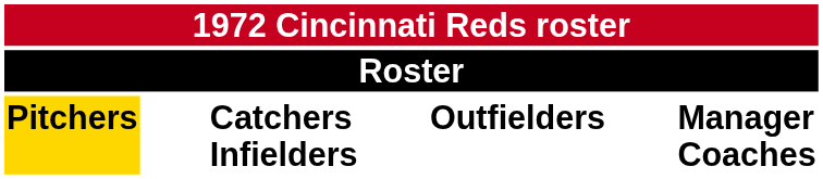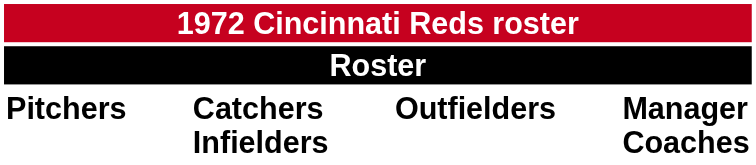 <table class="toccolours" style="font-size: 95%;">
 <tr>
 <th colspan="10" style="background-color: #c6011f; color: white; text-align: center;">1972 Cincinnati Reds roster</th>
 </tr>
 <tr>
 <td colspan="10" style="background-color: black; color: white; text-align: center;"><strong>Roster</strong></td>
 </tr>
 <tr>
-<td valign="top" style="background: gold;"><strong>Pitchers</strong><br>            </td>
+<td valign="top"><strong>Pitchers</strong><br>            </td>
 <td width="25px"></td>
 <td valign="top"><strong>Catchers</strong><br>    <strong>Infielders</strong>       </td>
 <td width="25px"></td>
 <td valign="top"><strong>Outfielders</strong><br>      </td>
 <td width="25px"></td>
 <td valign="top"><strong>Manager</strong><br> <strong>Coaches</strong>    </td>
 </tr>
 </table>
